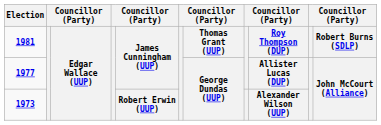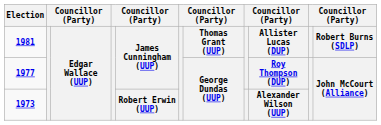 <table class="wikitable" style="text-align:center">
 <tr>
 <th scope="col" width="50">Election</th>
 <th scope="col" width="150" colspan = "2">Councillor<br> (Party)</th>
 <th scope="col" width="150" colspan = "2">Councillor<br> (Party)</th>
 <th scope="col" width="150" colspan = "2">Councillor<br> (Party)</th>
 <th scope="col" width="150" colspan = "2">Councillor<br> (Party)</th>
 <th scope="col" width="150" colspan = "2">Councillor<br> (Party)</th>
 </tr>
 <tr>
 <td><strong><a href='#'>1981</a></strong></td>
 <th rowspan="3" width="1" style="background-color: "></th>
 <th rowspan = "3">Edgar Wallace <br> (<a href='#'>UUP</a>)</th>
 <th rowspan="3" width="1" style="background-color: "></th>
 <th rowspan = "2">James Cunningham <br> (<a href='#'>UUP</a>)</th>
 <th rowspan="3" width="1" style="background-color: "></th>
 <th rowspan = "1">Thomas Grant <br> (<a href='#'>UUP</a>)</th>
 <th rowspan="2" width="1" style="background-color: "></th>
-<th rowspan = "1"><a href='#'>Roy Thompson</a> <br> (<a href='#'>DUP</a>)</th>
+<th rowspan = "1">Allister Lucas <br> (<a href='#'>DUP</a>)</th>
 <th rowspan="1" width="1" style="background-color: "></th>
 <th rowspan = "1">Robert Burns <br> (<a href='#'>SDLP</a>)</th>
 </tr>
 <tr>
 <td><strong><a href='#'>1977</a></strong></td>
 <th rowspan = "2">George Dundas <br> (<a href='#'>UUP</a>)</th>
-<th rowspan = "1">Allister Lucas <br> (<a href='#'>DUP</a>)</th>
+<th rowspan = "1"><a href='#'>Roy Thompson</a> <br> (<a href='#'>DUP</a>)</th>
 <th rowspan="2" width="1" style="background-color: "></th>
 <th rowspan = "2">John McCourt <br> (<a href='#'>Alliance</a>)</th>
 </tr>
 <tr>
 <td><strong><a href='#'>1973</a></strong></td>
 <th rowspan = "1">Robert Erwin <br> (<a href='#'>UUP</a>)</th>
 <th rowspan="1" width="1" style="background-color: "></th>
 <th rowspan = "1">Alexander Wilson <br> (<a href='#'>UUP</a>)</th>
 </tr>
 </table>
